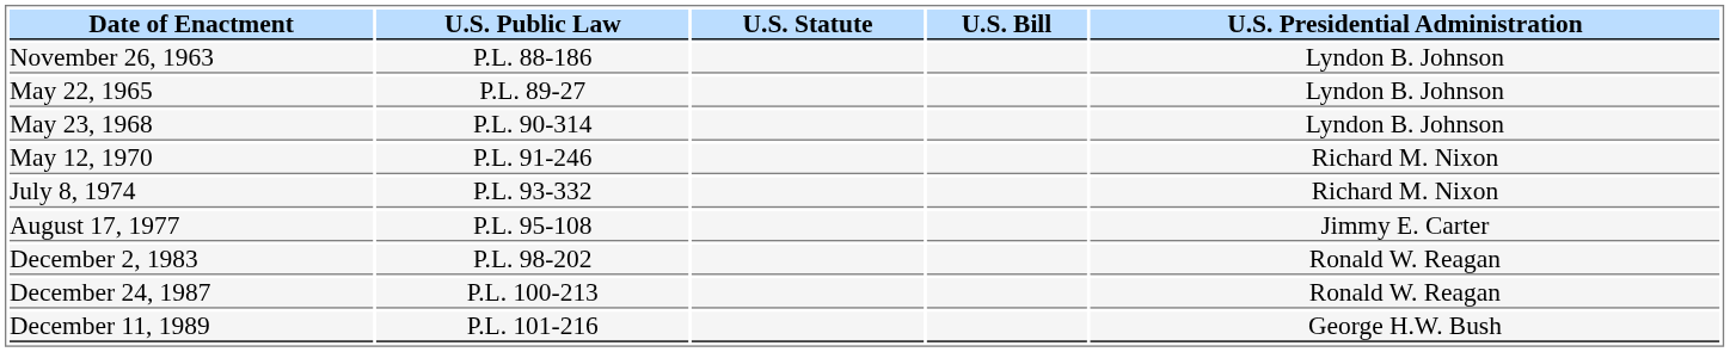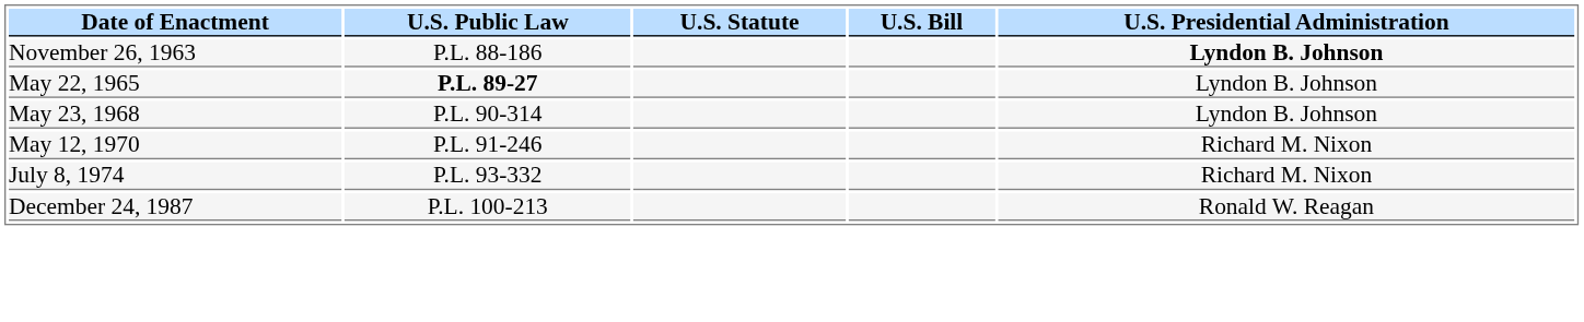 <table style="border:1px solid gray; align:left; width:85%" cellspacing=2 cellpadding=0>
 <tr style="font-weight:bold; text-align:center; background:#bbddff; color:black;">
 <th style=" border-bottom:1.5px solid black">Date of Enactment</th>
 <th style=" border-bottom:1.5px solid black">U.S. Public Law</th>
 <th style=" border-bottom:1.5px solid black">U.S. Statute</th>
 <th style=" border-bottom:1.5px solid black">U.S. Bill</th>
 <th style=" border-bottom:1.5px solid black">U.S. Presidential Administration</th>
 </tr>
 <tr>
 <td style="border-bottom:1px solid gray; background:#F5F5F5;">November 26, 1963</td>
 <td style="border-bottom:1px solid gray; background:#F5F5F5; text-align:center;">P.L. 88-186</td>
 <td style="border-bottom:1px solid gray; background:#F5F5F5; text-align:center;"></td>
 <td style="border-bottom:1px solid gray; background:#F5F5F5; text-align:center;"></td>
-<td style="border-bottom:1px solid gray; background:#F5F5F5; text-align:center;">Lyndon B. Johnson</td>
+<td style="border-bottom:1px solid gray; background:#F5F5F5; text-align:center;"><strong>Lyndon B. Johnson</strong></td>
 </tr>
 <tr>
 <td style="border-bottom:1px solid gray; background:#F5F5F5;">May 22, 1965</td>
-<td style="border-bottom:1px solid gray; background:#F5F5F5; text-align:center;">P.L. 89-27</td>
+<td style="border-bottom:1px solid gray; background:#F5F5F5; text-align:center;"><strong>P.L. 89-27</strong></td>
 <td style="border-bottom:1px solid gray; background:#F5F5F5; text-align:center;"></td>
 <td style="border-bottom:1px solid gray; background:#F5F5F5; text-align:center;"></td>
 <td style="border-bottom:1px solid gray; background:#F5F5F5; text-align:center;">Lyndon B. Johnson</td>
 </tr>
 <tr>
 <td style="border-bottom:1px solid gray; background:#F5F5F5;">May 23, 1968</td>
 <td style="border-bottom:1px solid gray; background:#F5F5F5; text-align:center;">P.L. 90-314</td>
 <td style="border-bottom:1px solid gray; background:#F5F5F5; text-align:center;"></td>
 <td style="border-bottom:1px solid gray; background:#F5F5F5; text-align:center;"></td>
 <td style="border-bottom:1px solid gray; background:#F5F5F5; text-align:center;">Lyndon B. Johnson</td>
 </tr>
 <tr>
 <td style="border-bottom:1px solid gray; background:#F5F5F5;">May 12, 1970</td>
 <td style="border-bottom:1px solid gray; background:#F5F5F5; text-align:center;">P.L. 91-246</td>
 <td style="border-bottom:1px solid gray; background:#F5F5F5; text-align:center;"></td>
 <td style="border-bottom:1px solid gray; background:#F5F5F5; text-align:center;"></td>
 <td style="border-bottom:1px solid gray; background:#F5F5F5; text-align:center;">Richard M. Nixon</td>
 </tr>
 <tr>
 <td style="border-bottom:1px solid gray; background:#F5F5F5;">July 8, 1974</td>
 <td style="border-bottom:1px solid gray; background:#F5F5F5; text-align:center;">P.L. 93-332</td>
 <td style="border-bottom:1px solid gray; background:#F5F5F5; text-align:center;"></td>
 <td style="border-bottom:1px solid gray; background:#F5F5F5; text-align:center;"></td>
 <td style="border-bottom:1px solid gray; background:#F5F5F5; text-align:center;">Richard M. Nixon</td>
 </tr>
 <tr>
-<td style="border-bottom:1px solid gray; background:#F5F5F5;">August 17, 1977</td>
-<td style="border-bottom:1px solid gray; background:#F5F5F5; text-align:center;">P.L. 95-108</td>
-<td style="border-bottom:1px solid gray; background:#F5F5F5; text-align:center;"></td>
-<td style="border-bottom:1px solid gray; background:#F5F5F5; text-align:center;"></td>
-<td style="border-bottom:1px solid gray; background:#F5F5F5; text-align:center;">Jimmy E. Carter</td>
-</tr>
-<tr>
-<td style="border-bottom:1px solid gray; background:#F5F5F5;">December 2, 1983</td>
-<td style="border-bottom:1px solid gray; background:#F5F5F5; text-align:center;">P.L. 98-202</td>
-<td style="border-bottom:1px solid gray; background:#F5F5F5; text-align:center;"></td>
-<td style="border-bottom:1px solid gray; background:#F5F5F5; text-align:center;"></td>
-<td style="border-bottom:1px solid gray; background:#F5F5F5; text-align:center;">Ronald W. Reagan</td>
-</tr>
-<tr>
 <td style="border-bottom:1px solid gray; background:#F5F5F5;">December 24, 1987</td>
 <td style="border-bottom:1px solid gray; background:#F5F5F5; text-align:center;">P.L. 100-213</td>
 <td style="border-bottom:1px solid gray; background:#F5F5F5; text-align:center;"></td>
 <td style="border-bottom:1px solid gray; background:#F5F5F5; text-align:center;"></td>
 <td style="border-bottom:1px solid gray; background:#F5F5F5; text-align:center;">Ronald W. Reagan</td>
 </tr>
-<tr>
-<td style="border-bottom:1.5px solid black; background:#F5F5F5;">December 11, 1989</td>
-<td style="border-bottom:1.5px solid black; background:#F5F5F5; text-align:center;">P.L. 101-216</td>
-<td style="border-bottom:1.5px solid black; background:#F5F5F5; text-align:center;"></td>
-<td style="border-bottom:1.5px solid black; background:#F5F5F5; text-align:center;"></td>
-<td style="border-bottom:1.5px solid black; background:#F5F5F5; text-align:center;">George H.W. Bush</td>
-</tr>
 </table>
